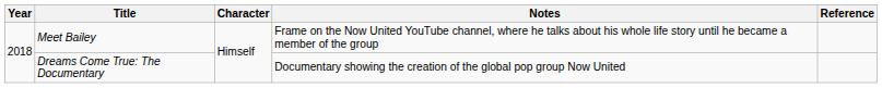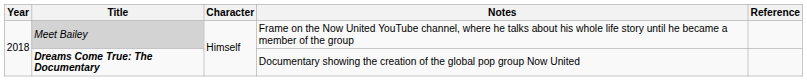 <table class="wikitable">
 <tr>
 <th>Year</th>
 <th>Title</th>
 <th>Character</th>
 <th>Notes</th>
 <th>Reference</th>
 </tr>
 <tr>
 <td rowspan="2">2018</td>
-<td><em>Meet Bailey</em></td>
+<td style="background: lightgrey;"><em>Meet Bailey</em></td>
 <td rowspan="2">Himself</td>
 <td>Frame on the Now United YouTube channel, where he talks about his whole life story until he became a member of the group</td>
 <td></td>
 </tr>
 <tr>
-<td><em>Dreams Come True: The Documentary</em></td>
+<td><strong><em>Dreams Come True: The Documentary</em></strong></td>
 <td>Documentary showing the creation of the global pop group Now United</td>
 <td></td>
 </tr>
 </table>
